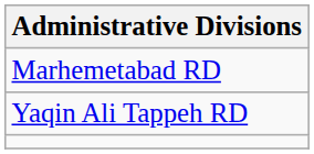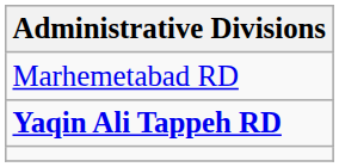 <table class="wikitable">
 <tr>
 <th>Administrative Divisions</th>
 </tr>
 <tr>
 <td><a href='#'>Marhemetabad RD</a></td>
 </tr>
 <tr>
-<td><a href='#'>Yaqin Ali Tappeh RD</a></td>
+<td><strong><a href='#'>Yaqin Ali Tappeh RD</a></strong></td>
 </tr>
 <tr>
 <td colspan=1></td>
 </tr>
 </table>
